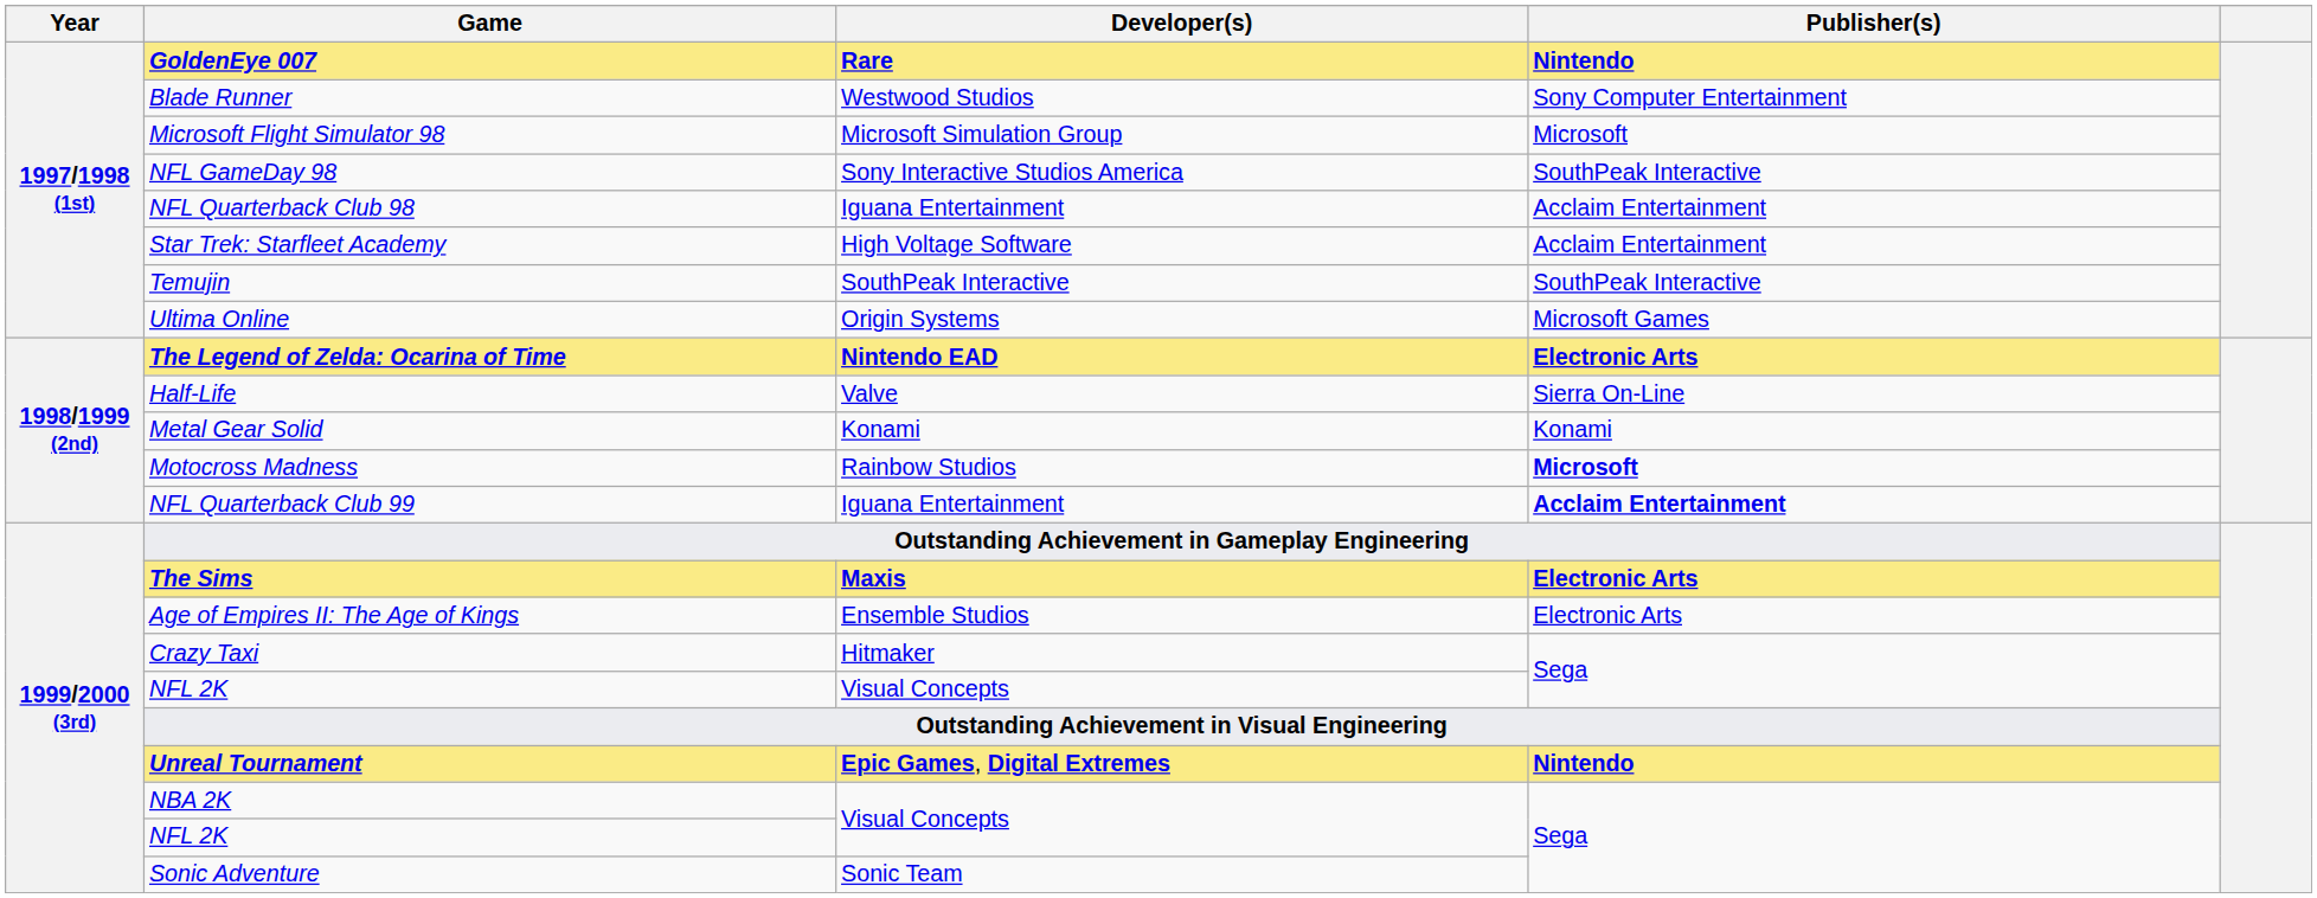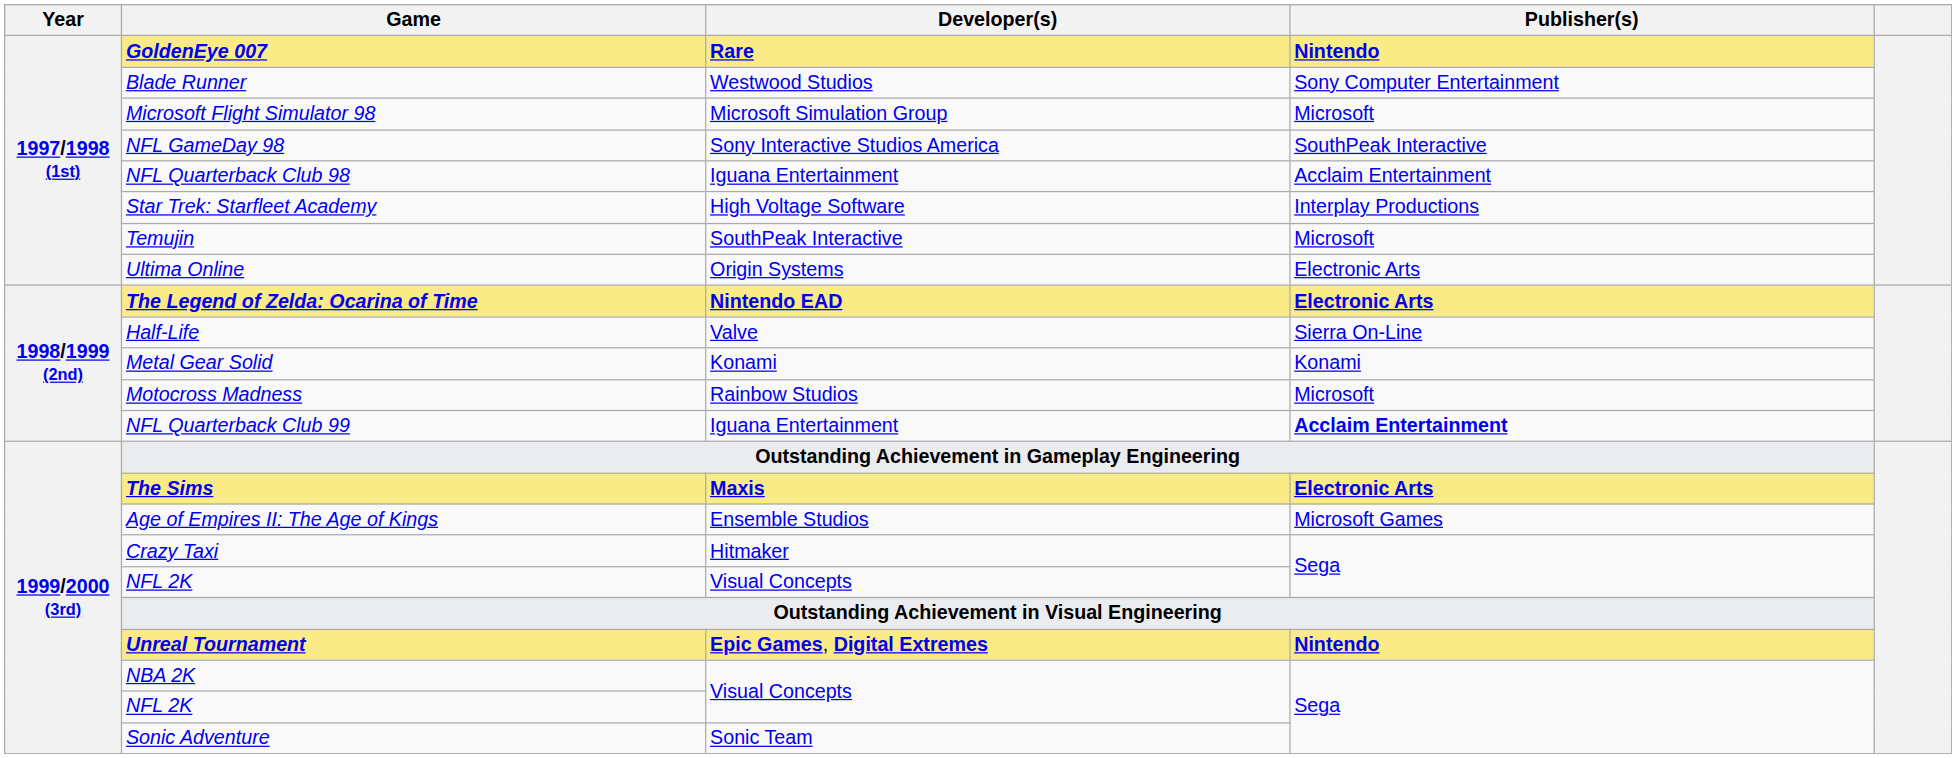 <table class="wikitable sortable" rowspan=2 style="width:100%;;">
 <tr style="background:#bebebe;">
 <th scope="col" style="width:6%;">Year</th>
 <th scope="col" style="width:30%;">Game</th>
 <th scope="col" style="width:30%;">Developer(s)</th>
 <th scope="col" style="width:30%;">Publisher(s)</th>
 <th scope="col" style="width:4%;" class="unsortable"></th>
 </tr>
 <tr>
 <th scope="row" rowspan="8" style="text-align:center"><a href='#'>1997</a>/<a href='#'>1998</a> <br><small><a href='#'>(1st)</a> </small></th>
 <td style="background:#FAEB86"><strong><em><a href='#'>GoldenEye 007</a></em></strong></td>
 <td style="background:#FAEB86"><strong><a href='#'>Rare</a></strong></td>
 <td style="background:#FAEB86"><strong><a href='#'>Nintendo</a></strong></td>
 <th scope="row" rowspan="8" style="text-align;center;"></th>
 </tr>
 <tr>
 <td><em><a href='#'>Blade Runner</a></em></td>
 <td><a href='#'>Westwood Studios</a></td>
 <td><a href='#'>Sony Computer Entertainment</a></td>
 </tr>
 <tr>
 <td><em><a href='#'>Microsoft Flight Simulator 98</a></em></td>
 <td><a href='#'>Microsoft Simulation Group</a></td>
 <td><a href='#'>Microsoft</a></td>
 </tr>
 <tr>
 <td><em><a href='#'>NFL GameDay 98</a></em></td>
 <td><a href='#'>Sony Interactive Studios America</a></td>
 <td><a href='#'>SouthPeak Interactive</a></td>
 </tr>
 <tr>
 <td><em><a href='#'>NFL Quarterback Club 98</a></em></td>
 <td><a href='#'>Iguana Entertainment</a></td>
 <td><a href='#'>Acclaim Entertainment</a></td>
 </tr>
 <tr>
 <td><em><a href='#'>Star Trek: Starfleet Academy</a></em></td>
 <td><a href='#'>High Voltage Software</a></td>
-<td><a href='#'>Acclaim Entertainment</a></td>
+<td><a href='#'>Interplay Productions</a></td>
 </tr>
 <tr>
 <td><em><a href='#'>Temujin</a></em></td>
 <td><a href='#'>SouthPeak Interactive</a></td>
-<td><a href='#'>SouthPeak Interactive</a></td>
+<td><a href='#'>Microsoft</a></td>
 </tr>
 <tr>
 <td><em><a href='#'>Ultima Online</a></em></td>
 <td><a href='#'>Origin Systems</a></td>
-<td><a href='#'>Microsoft Games</a></td>
+<td><a href='#'>Electronic Arts</a></td>
 </tr>
 <tr>
 <th scope="row" rowspan="5" style="text-align:center"><a href='#'>1998</a>/<a href='#'>1999</a> <br><small><a href='#'>(2nd)</a> </small></th>
 <td style="background:#FAEB86"><strong><em><a href='#'>The Legend of Zelda: Ocarina of Time</a></em></strong></td>
 <td style="background:#FAEB86"><strong><a href='#'>Nintendo EAD</a></strong></td>
 <td style="background:#FAEB86"><strong><a href='#'>Electronic Arts</a></strong></td>
 <th scope="row" rowspan="5" style="text-align;center;"></th>
 </tr>
 <tr>
 <td><em><a href='#'>Half-Life</a></em></td>
 <td><a href='#'>Valve</a></td>
 <td><a href='#'>Sierra On-Line</a></td>
 </tr>
 <tr>
 <td><em><a href='#'>Metal Gear Solid</a></em></td>
 <td><a href='#'>Konami</a></td>
 <td><a href='#'>Konami</a></td>
 </tr>
 <tr>
 <td><em><a href='#'>Motocross Madness</a></em></td>
 <td><a href='#'>Rainbow Studios</a></td>
-<td><strong><a href='#'>Microsoft</a></strong></td>
+<td><a href='#'>Microsoft</a></td>
 </tr>
 <tr>
 <td><em><a href='#'>NFL Quarterback Club 99</a></em></td>
 <td><a href='#'>Iguana Entertainment</a></td>
 <td><strong><a href='#'>Acclaim Entertainment</a></strong></td>
 </tr>
 <tr>
 <th scope="row" rowspan="10" style="text-align:center"><a href='#'>1999</a>/<a href='#'>2000</a> <br><small><a href='#'>(3rd)</a> </small></th>
 <td colspan=3 style="text-align:center; background:#EBECF0"><strong>Outstanding Achievement in Gameplay Engineering</strong></td>
 <th scope="row" rowspan="10" style="text-align;center;"></th>
 </tr>
 <tr>
 <td style="background:#FAEB86"><strong><em><a href='#'>The Sims</a></em></strong></td>
 <td style="background:#FAEB86"><strong><a href='#'>Maxis</a></strong></td>
 <td style="background:#FAEB86"><strong><a href='#'>Electronic Arts</a></strong></td>
 </tr>
 <tr>
 <td><em><a href='#'>Age of Empires II: The Age of Kings</a></em></td>
 <td><a href='#'>Ensemble Studios</a></td>
-<td><a href='#'>Electronic Arts</a></td>
+<td><a href='#'>Microsoft Games</a></td>
 </tr>
 <tr>
 <td><em><a href='#'>Crazy Taxi</a></em></td>
 <td><a href='#'>Hitmaker</a></td>
 <td rowspan="2"><a href='#'>Sega</a></td>
 </tr>
 <tr>
 <td><em><a href='#'>NFL 2K</a></em></td>
 <td><a href='#'>Visual Concepts</a></td>
 </tr>
 <tr>
 <td colspan=3 style="text-align:center; background:#EBECF0"><strong>Outstanding Achievement in Visual Engineering</strong></td>
 </tr>
 <tr>
 <td style="background:#FAEB86"><strong><em><a href='#'>Unreal Tournament</a></em></strong></td>
 <td style="background:#FAEB86"><strong><a href='#'>Epic Games</a></strong>, <strong><a href='#'>Digital Extremes</a></strong></td>
 <td style="background:#FAEB86"><strong><a href='#'>Nintendo</a></strong></td>
 </tr>
 <tr>
 <td><em><a href='#'>NBA 2K</a></em></td>
 <td rowspan="2"><a href='#'>Visual Concepts</a></td>
 <td rowspan="3"><a href='#'>Sega</a></td>
 </tr>
 <tr>
 <td><em><a href='#'>NFL 2K</a></em></td>
 </tr>
 <tr>
 <td><em><a href='#'>Sonic Adventure</a></em></td>
 <td><a href='#'>Sonic Team</a></td>
 </tr>
 </table>
